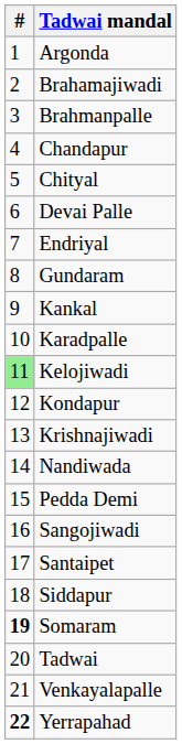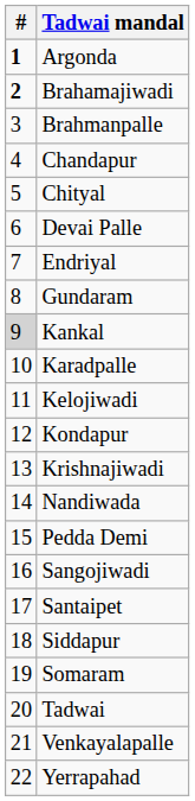 <table class="wikitable">
 <tr>
 <th>#</th>
 <th><a href='#'>Tadwai</a> mandal</th>
 </tr>
 <tr>
-<td>1</td>
+<td><strong>1</strong></td>
 <td>Argonda</td>
 </tr>
 <tr>
-<td>2</td>
+<td><strong>2</strong></td>
 <td>Brahamajiwadi</td>
 </tr>
 <tr>
 <td>3</td>
 <td>Brahmanpalle</td>
 </tr>
 <tr>
 <td>4</td>
 <td>Chandapur</td>
 </tr>
 <tr>
 <td>5</td>
 <td>Chityal</td>
 </tr>
 <tr>
 <td>6</td>
 <td>Devai Palle</td>
 </tr>
 <tr>
 <td>7</td>
 <td>Endriyal</td>
 </tr>
 <tr>
 <td>8</td>
 <td>Gundaram</td>
 </tr>
 <tr>
-<td>9</td>
+<td style="background: lightgrey;">9</td>
 <td>Kankal</td>
 </tr>
 <tr>
 <td>10</td>
 <td>Karadpalle</td>
 </tr>
 <tr>
-<td style="background: lightgreen;">11</td>
+<td>11</td>
 <td>Kelojiwadi</td>
 </tr>
 <tr>
 <td>12</td>
 <td>Kondapur</td>
 </tr>
 <tr>
 <td>13</td>
 <td>Krishnajiwadi</td>
 </tr>
 <tr>
 <td>14</td>
 <td>Nandiwada</td>
 </tr>
 <tr>
 <td>15</td>
 <td>Pedda Demi</td>
 </tr>
 <tr>
 <td>16</td>
 <td>Sangojiwadi</td>
 </tr>
 <tr>
 <td>17</td>
 <td>Santaipet</td>
 </tr>
 <tr>
 <td>18</td>
 <td>Siddapur</td>
 </tr>
 <tr>
-<td><strong>19</strong></td>
+<td>19</td>
 <td>Somaram</td>
 </tr>
 <tr>
 <td>20</td>
 <td>Tadwai</td>
 </tr>
 <tr>
 <td>21</td>
 <td>Venkayalapalle</td>
 </tr>
 <tr>
-<td><strong>22</strong></td>
+<td>22</td>
 <td>Yerrapahad</td>
 </tr>
 </table>
